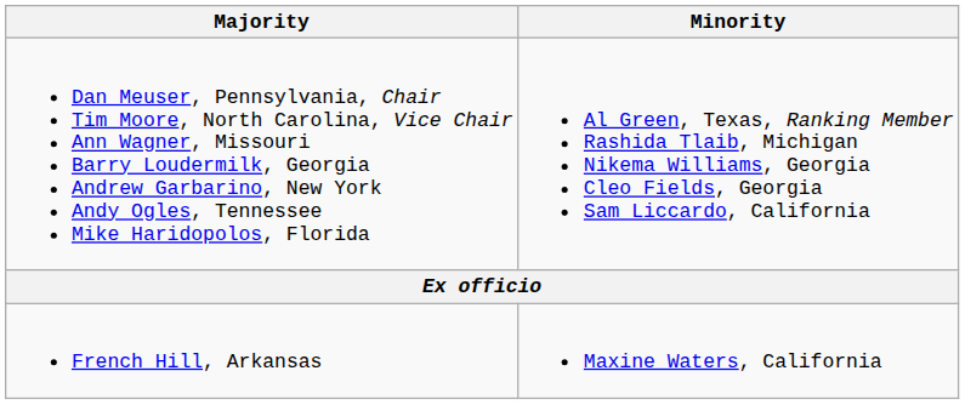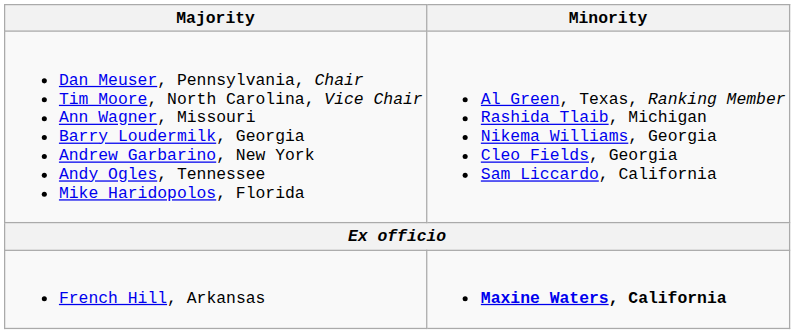 <table class=wikitable>
 <tr>
 <th>Majority</th>
 <th>Minority</th>
 </tr>
 <tr>
 <td><br><ul><li><a href='#'>Dan Meuser</a>, Pennsylvania, <em>Chair</em></li><li><a href='#'>Tim Moore</a>, North Carolina, <em>Vice Chair</em></li><li><a href='#'>Ann Wagner</a>, Missouri</li><li><a href='#'>Barry Loudermilk</a>, Georgia</li><li><a href='#'>Andrew Garbarino</a>, New York</li><li><a href='#'>Andy Ogles</a>, Tennessee</li><li><a href='#'>Mike Haridopolos</a>, Florida</li></ul></td>
 <td><br><ul><li><a href='#'>Al Green</a>, Texas, <em>Ranking Member</em></li><li><a href='#'>Rashida Tlaib</a>, Michigan</li><li><a href='#'>Nikema Williams</a>, Georgia</li><li><a href='#'>Cleo Fields</a>, Georgia</li><li><a href='#'>Sam Liccardo</a>, California</li></ul></td>
 </tr>
 <tr>
 <th colspan=2><em>Ex officio</em></th>
 </tr>
 <tr>
 <td><br><ul><li><a href='#'>French Hill</a>, Arkansas</li></ul></td>
-<td><br><ul><li><a href='#'>Maxine Waters</a>, California</li></ul></td>
+<td><strong><br><ul><li><a href='#'>Maxine Waters</a>, California</li></ul></strong></td>
 </tr>
 </table>
